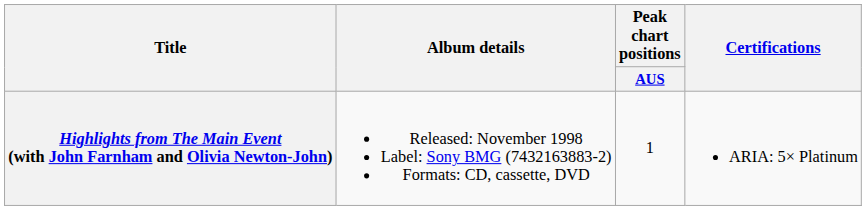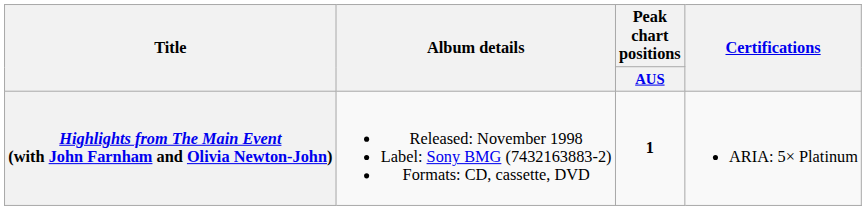 <table class="wikitable plainrowheaders" style="text-align:center;" border="1">
 <tr>
 <th scope="col" rowspan="2">Title</th>
 <th scope="col" rowspan="2">Album details</th>
 <th scope="col" colspan="1">Peak chart positions</th>
 <th scope="col" rowspan="2" style="width:10m;"><a href='#'>Certifications</a></th>
 </tr>
 <tr>
 <th scope="col" style="width:3em; font-size:90%"><a href='#'>AUS</a><br></th>
 </tr>
 <tr>
 <th scope="row"><em><a href='#'>Highlights from The Main Event</a></em> <br> (with <a href='#'>John Farnham</a> and <a href='#'>Olivia Newton-John</a>)</th>
 <td><br><ul><li>Released: November 1998</li><li>Label: <a href='#'>Sony BMG</a> (7432163883-2)</li><li>Formats: CD, cassette, DVD</li></ul></td>
-<td>1</td>
+<td><strong>1</strong></td>
 <td><br><ul><li>ARIA: 5× Platinum</li></ul></td>
 </tr>
 </table>
